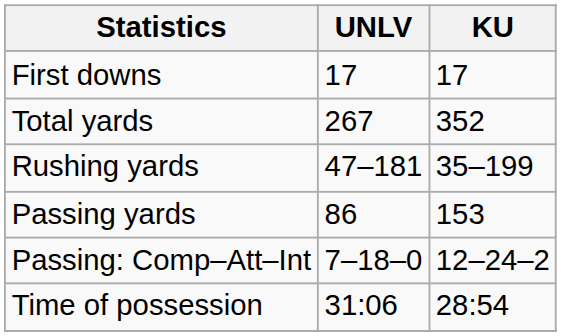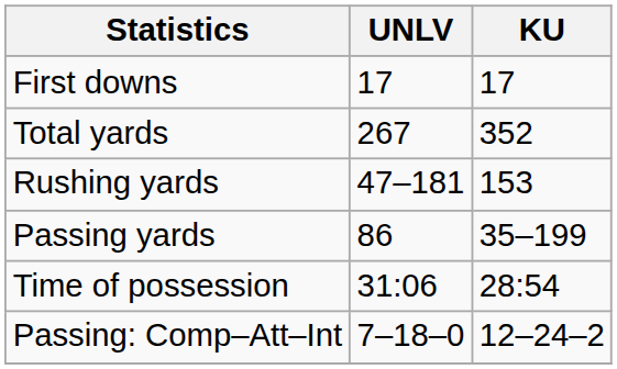 <table class="wikitable" style="float: left;">
 <tr>
 <th>Statistics</th>
 <th>UNLV</th>
 <th>KU</th>
 </tr>
 <tr>
 <td>First downs</td>
 <td>17</td>
 <td>17</td>
 </tr>
 <tr>
 <td>Total yards</td>
 <td>267</td>
 <td>352</td>
 </tr>
 <tr>
 <td>Rushing yards</td>
 <td>47–181</td>
-<td>35–199</td>
+<td>153</td>
 </tr>
 <tr>
 <td>Passing yards</td>
 <td>86</td>
-<td>153</td>
+<td>35–199</td>
+</tr>
+<tr>
+<td>Time of possession</td>
+<td>31:06</td>
+<td>28:54</td>
 </tr>
 <tr>
 <td>Passing: Comp–Att–Int</td>
 <td>7–18–0</td>
 <td>12–24–2</td>
 </tr>
 <tr>
-<td>Time of possession</td>
-<td>31:06</td>
-<td>28:54</td>
-</tr>
-<tr>
 </tr>
 </table>
